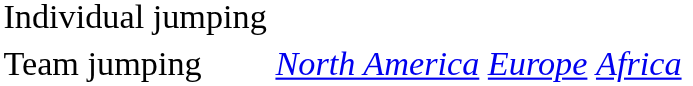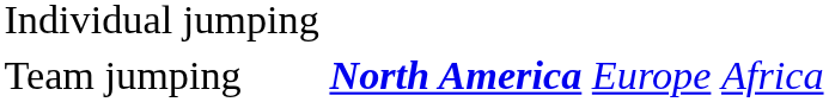 <table>
 <tr>
 <td>Individual jumping <br></td>
 <td></td>
 <td></td>
 <td></td>
 </tr>
 <tr valign="top">
 <td>Team jumping <br></td>
-<td> <a href='#'><em>North America</em></a><br>  <br>  <br>  <br>  <br> </td>
+<td><strong> <a href='#'><em>North America</em></a><br>  <br>  <br>  <br>  <br> </strong></td>
 <td> <a href='#'><em>Europe</em></a><br>  <br>  <br>  <br>  <br> </td>
 <td> <a href='#'><em>Africa</em></a><br>  <br>  <br>  <br>  <br> </td>
 </tr>
 <tr>
 </tr>
 </table>
